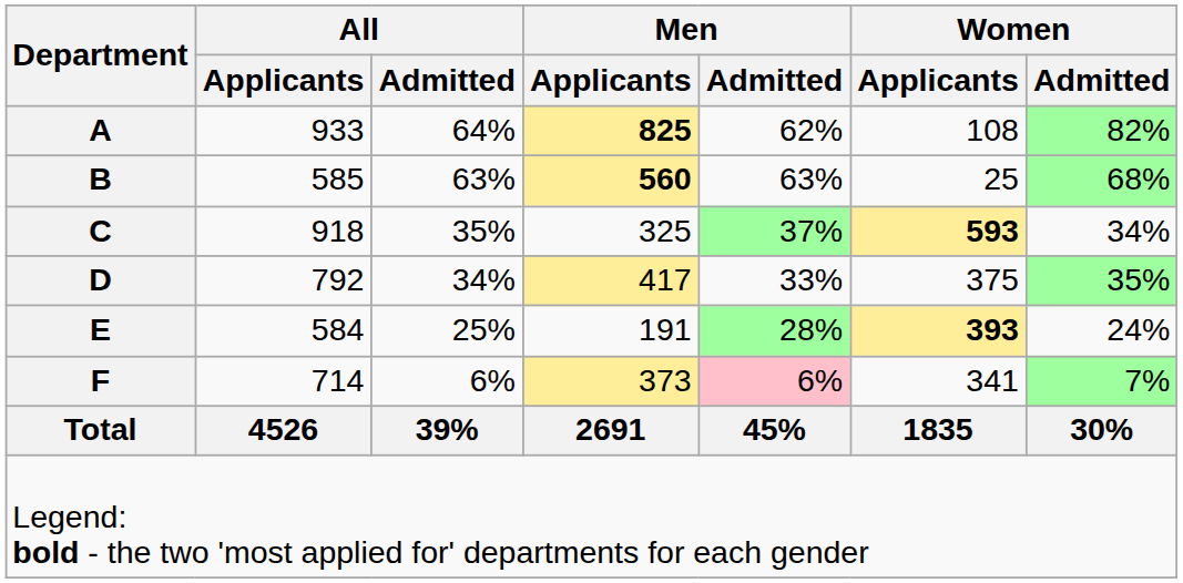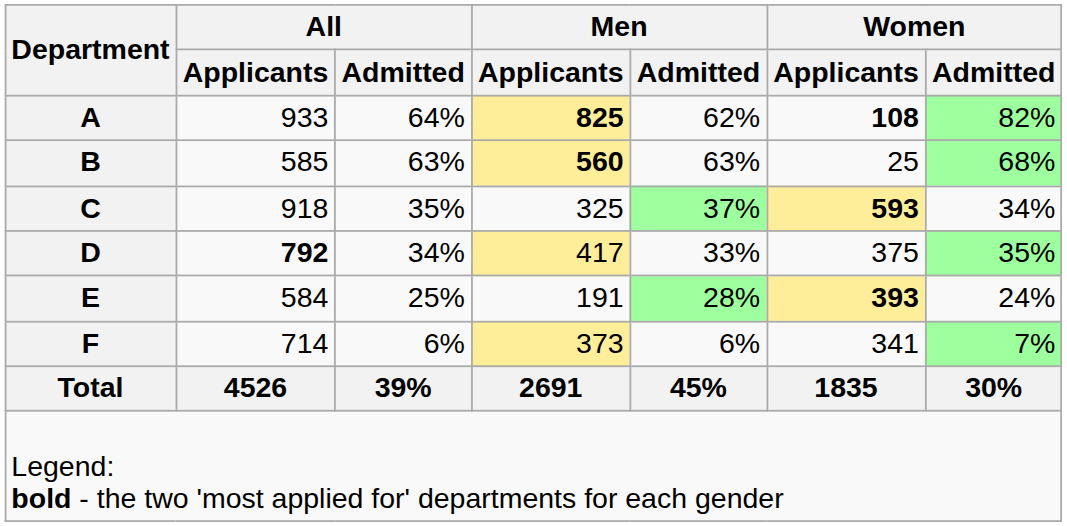 <table class="wikitable" style="margin-left:auto; margin-right:auto; border:none; text-align:right;">
 <tr>
 <th rowspan="2">Department</th>
 <th colspan="2">All</th>
 <th colspan="2">Men</th>
 <th colspan="2">Women</th>
 </tr>
 <tr>
 <th>Applicants</th>
 <th>Admitted</th>
 <th>Applicants</th>
 <th>Admitted</th>
 <th>Applicants</th>
 <th>Admitted</th>
 </tr>
 <tr>
 <th>A</th>
 <td>933</td>
 <td>64%</td>
 <td style="background: #FE9;"><strong>825</strong></td>
 <td>62%</td>
-<td>108</td>
+<td><strong>108</strong></td>
 <td style="background: #9EFF9E;">82%</td>
 </tr>
 <tr>
 <th>B</th>
 <td>585</td>
 <td>63%</td>
 <td style="background: #FE9;"><strong>560</strong></td>
 <td>63%</td>
 <td>25</td>
 <td style="background: #9EFF9E;">68%</td>
 </tr>
 <tr>
 <th>C</th>
 <td>918</td>
 <td>35%</td>
 <td>325</td>
 <td style="background: #9EFF9E;">37%</td>
 <td style="background: #FE9;"><strong>593</strong></td>
 <td>34%</td>
 </tr>
 <tr>
 <th>D</th>
-<td>792</td>
+<td><strong>792</strong></td>
 <td>34%</td>
 <td style="background: #FE9;">417</td>
 <td>33%</td>
 <td>375</td>
 <td style="background: #9EFF9E;">35%</td>
 </tr>
 <tr>
 <th>E</th>
 <td>584</td>
 <td>25%</td>
 <td>191</td>
 <td style="background: #9EFF9E;">28%</td>
 <td style="background: #FE9;"><strong>393</strong></td>
 <td>24%</td>
 </tr>
 <tr>
 <th>F</th>
 <td>714</td>
 <td>6%</td>
 <td style="background: #FE9;">373</td>
-<td style="background: pink;">6%</td>
+<td>6%</td>
 <td>341</td>
 <td style="background: #9EFF9E;">7%</td>
 </tr>
 <tr>
 <th>Total</th>
 <th>4526</th>
 <th>39%</th>
 <th>2691</th>
 <th>45%</th>
 <th>1835</th>
 <th>30%</th>
 </tr>
 <tr>
 <td colspan="7" style="text-align:left;"><br>Legend:<br>   <strong>bold</strong> - the two 'most applied for' departments for each gender</td>
 </tr>
 </table>
